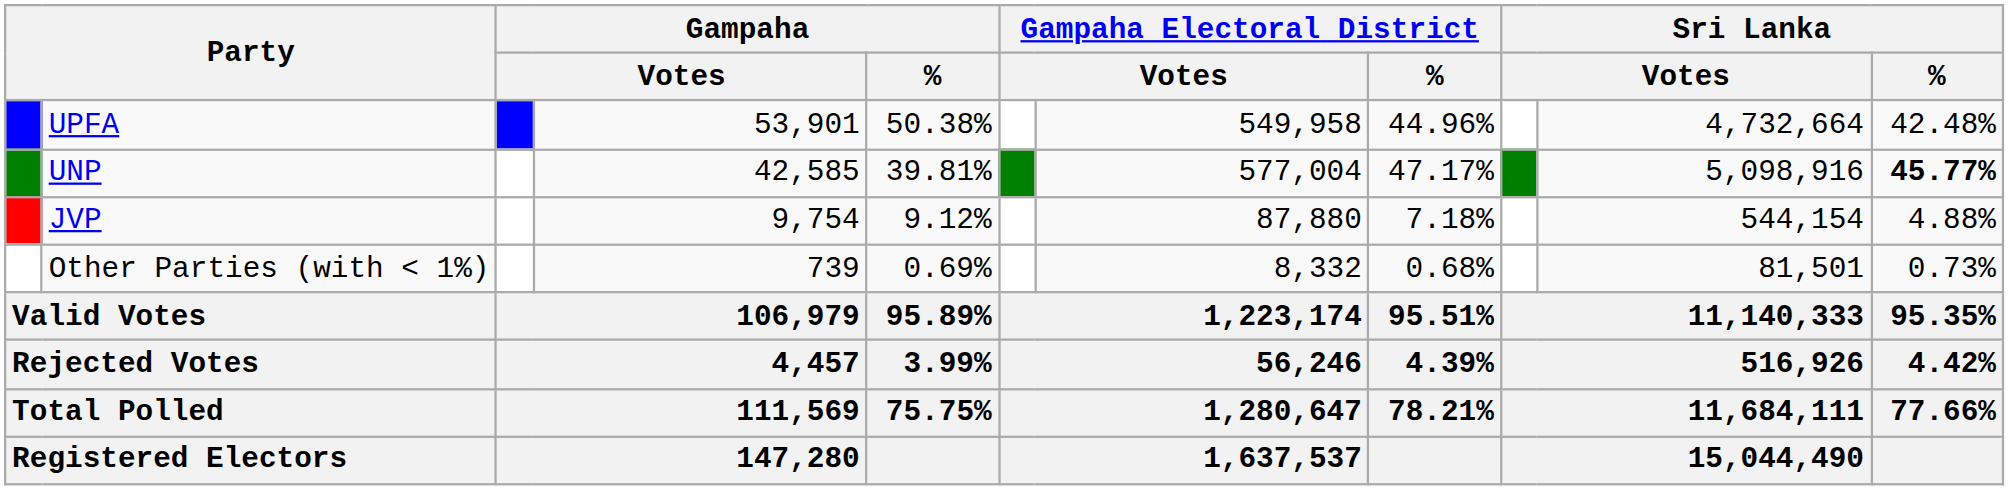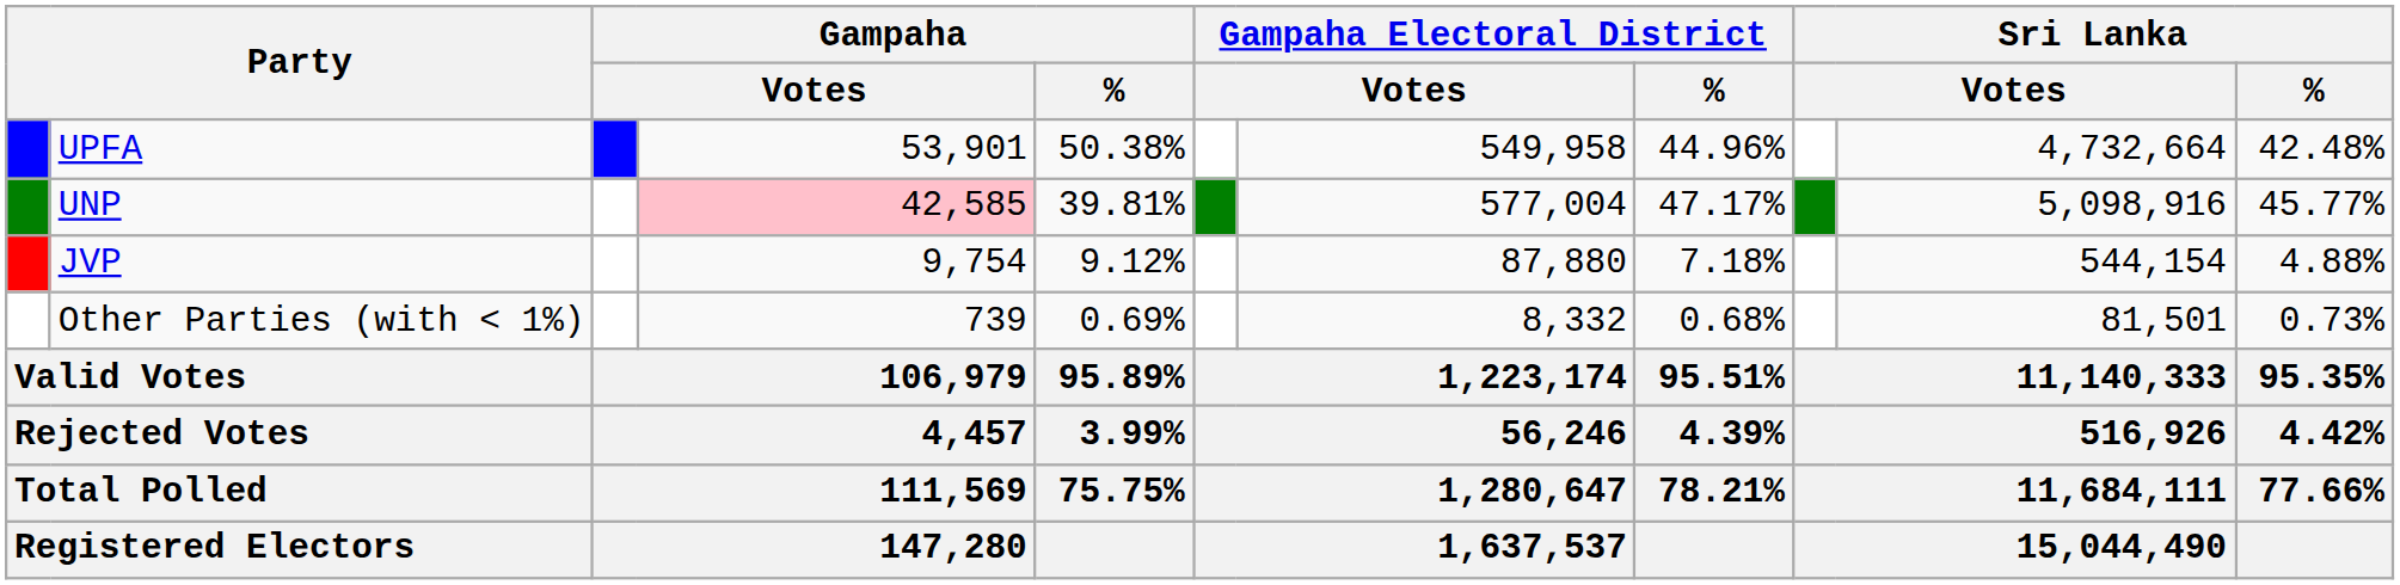 <table class="wikitable">
 <tr>
 <th colspan="2" width="144px"rowspan="2">Party</th>
 <th colspan="3" width="216px">Gampaha</th>
 <th colspan="3" width="216px"><a href='#'>Gampaha Electoral District</a></th>
 <th colspan="3" width="216px">Sri Lanka</th>
 </tr>
 <tr>
 <th colspan="2" width="144px">Votes</th>
 <th>%</th>
 <th colspan="2" width="144px">Votes</th>
 <th>%</th>
 <th colspan="2" width="144px">Votes</th>
 <th>%</th>
 </tr>
 <tr>
 <td style="background-color:blue;" width="10px"></td>
 <td style="text-align:left;"><a href='#'>UPFA</a></td>
 <td style="background-color:blue;" width="10px"></td>
 <td style="text-align:right;">53,901</td>
 <td style="text-align:right;">50.38%</td>
 <td style="background-color:white;" width="10px"></td>
 <td style="text-align:right;">549,958</td>
 <td style="text-align:right;">44.96%</td>
 <td style="background-color:white;" width="10px"></td>
 <td style="text-align:right;">4,732,664</td>
 <td style="text-align:right;">42.48%</td>
 </tr>
 <tr>
 <td style="background-color:green;" width="10px"></td>
 <td style="text-align:left;"><a href='#'>UNP</a></td>
 <td style="background-color:white;" width="10px"></td>
-<td style="text-align:right;">42,585</td>
+<td style="background: pink; text-align:right;">42,585</td>
 <td style="text-align:right;">39.81%</td>
 <td style="background-color:green;" width="10px"></td>
 <td style="text-align:right;">577,004</td>
 <td style="text-align:right;">47.17%</td>
 <td style="background-color:green;" width="10px"></td>
 <td style="text-align:right;">5,098,916</td>
-<td style="text-align:right;"><strong>45.77%</strong></td>
+<td style="text-align:right;">45.77%</td>
 </tr>
 <tr>
 <td style="background-color:red;" width="10px"></td>
 <td style="text-align:left;"><a href='#'>JVP</a></td>
 <td style="background-color:white;" width="10px"></td>
 <td style="text-align:right;">9,754</td>
 <td style="text-align:right;">9.12%</td>
 <td style="background-color:white;" width="10px"></td>
 <td style="text-align:right;">87,880</td>
 <td style="text-align:right;">7.18%</td>
 <td style="background-color:white;" width="10px"></td>
 <td style="text-align:right;">544,154</td>
 <td style="text-align:right;">4.88%</td>
 </tr>
 <tr>
 <td style="background-color:white;" width="10px"></td>
 <td style="text-align:left;">Other Parties (with < 1%)</td>
 <td style="background-color:white;" width="10px"></td>
 <td style="text-align:right;">739</td>
 <td style="text-align:right;">0.69%</td>
 <td style="background-color:white;" width="10px"></td>
 <td style="text-align:right;">8,332</td>
 <td style="text-align:right;">0.68%</td>
 <td style="background-color:white;" width="10px"></td>
 <td style="text-align:right;">81,501</td>
 <td style="text-align:right;">0.73%</td>
 </tr>
 <tr>
 <th colspan="2" width="144px"style="text-align:left;">Valid Votes</th>
 <th style="text-align:right;"colspan="2" width="144px">106,979</th>
 <th style="text-align:right;">95.89%</th>
 <th style="text-align:right;"colspan="2" width="144px">1,223,174</th>
 <th style="text-align:right;">95.51%</th>
 <th style="text-align:right;"colspan="2" width="144px">11,140,333</th>
 <th style="text-align:right;">95.35%</th>
 </tr>
 <tr>
 <th colspan="2" width="144px"style="text-align:left;">Rejected Votes</th>
 <th style="text-align:right;"colspan="2" width="144px">4,457</th>
 <th style="text-align:right;">3.99%</th>
 <th style="text-align:right;"colspan="2" width="144px">56,246</th>
 <th style="text-align:right;">4.39%</th>
 <th style="text-align:right;"colspan="2" width="144px">516,926</th>
 <th style="text-align:right;">4.42%</th>
 </tr>
 <tr>
 <th colspan="2" width="144px"style="text-align:left;">Total Polled</th>
 <th style="text-align:right;"colspan="2" width="144px">111,569</th>
 <th style="text-align:right;">75.75%</th>
 <th style="text-align:right;"colspan="2" width="144px">1,280,647</th>
 <th style="text-align:right;">78.21%</th>
 <th style="text-align:right;"colspan="2" width="144px">11,684,111</th>
 <th style="text-align:right;">77.66%</th>
 </tr>
 <tr>
 <th colspan="2" width="144px"style="text-align:left;">Registered Electors</th>
 <th style="text-align:right;"colspan="2" width="144px">147,280</th>
 <th></th>
 <th style="text-align:right;"colspan="2" width="144px">1,637,537</th>
 <th></th>
 <th style="text-align:right;"colspan="2" width="144px">15,044,490</th>
 <th></th>
 </tr>
 </table>
